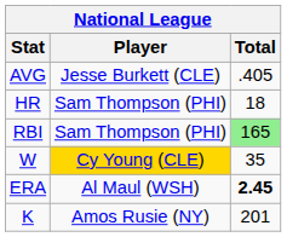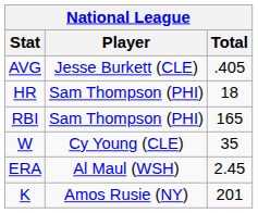 <table class="wikitable" style="text-align:center;">
 <tr>
 <th colspan="3"><a href='#'>National League</a></th>
 </tr>
 <tr>
 <th>Stat</th>
 <th>Player</th>
 <th>Total</th>
 </tr>
 <tr>
 <td><a href='#'>AVG</a></td>
 <td><a href='#'>Jesse Burkett</a> (<a href='#'>CLE</a>)</td>
 <td>.405</td>
 </tr>
 <tr>
 <td><a href='#'>HR</a></td>
 <td><a href='#'>Sam Thompson</a> (<a href='#'>PHI</a>)</td>
 <td>18</td>
 </tr>
 <tr>
 <td><a href='#'>RBI</a></td>
 <td><a href='#'>Sam Thompson</a> (<a href='#'>PHI</a>)</td>
-<td style="background: lightgreen;">165</td>
+<td>165</td>
 </tr>
 <tr>
 <td><a href='#'>W</a></td>
-<td style="background: gold;"><a href='#'>Cy Young</a> (<a href='#'>CLE</a>)</td>
+<td><a href='#'>Cy Young</a> (<a href='#'>CLE</a>)</td>
 <td>35</td>
 </tr>
 <tr>
 <td><a href='#'>ERA</a></td>
 <td><a href='#'>Al Maul</a> (<a href='#'>WSH</a>)</td>
-<td><strong>2.45</strong></td>
+<td>2.45</td>
 </tr>
 <tr>
 <td><a href='#'>K</a></td>
 <td><a href='#'>Amos Rusie</a> (<a href='#'>NY</a>)</td>
 <td>201</td>
 </tr>
 </table>
